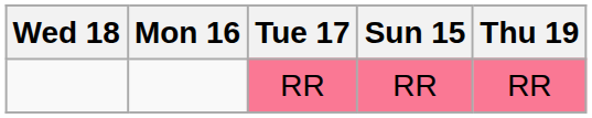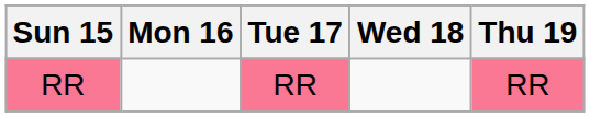 <table class="wikitable" style="margin:0.5em auto; font-size:90%; line-height:1.25em; text-align:center">
 <tr>
-<th>Wed 18</th>
+<th>Sun 15</th>
 <th>Mon 16</th>
 <th>Tue 17</th>
-<th>Sun 15</th>
+<th>Wed 18</th>
 <th>Thu 19</th>
 </tr>
 <tr>
-<td></td>
+<td bgcolor="#FA7894">RR</td>
 <td></td>
 <td bgcolor="#FA7894">RR</td>
-<td bgcolor="#FA7894">RR</td>
+<td></td>
 <td bgcolor="#FA7894">RR</td>
 </tr>
 </table>
